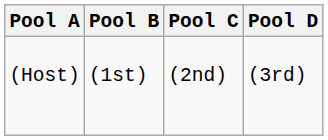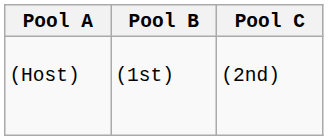 <table class="wikitable">
 <tr>
 <th width=25%>Pool A</th>
 <th width=25%>Pool B</th>
 <th width=25%>Pool C</th>
-<th width=25%>Pool D</th>
 </tr>
 <tr>
 <td><br> (Host)<br> <br> <br> </td>
 <td valign=top><br> (1st)<br> <br> </td>
 <td><br> (2nd)<br> <br> <br> </td>
-<td><br> (3rd)<br> <br> <br> </td>
 </tr>
 </table>
